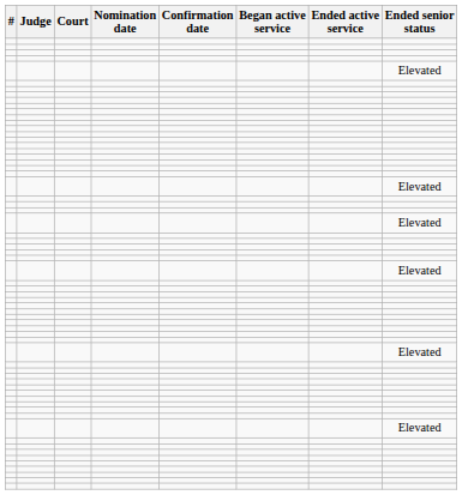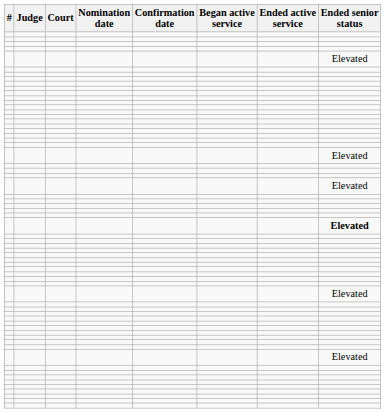 <table class="sortable wikitable">
 <tr bgcolor="#ececec">
 <th>#</th>
 <th>Judge</th>
 <th>Court<br></th>
 <th>Nomination<br>date</th>
 <th>Confirmation<br>date</th>
 <th>Began active<br>service</th>
 <th>Ended active<br>service</th>
 <th>Ended senior<br>status</th>
 </tr>
 <tr>
 <td></td>
 <td></td>
 <td></td>
 <td></td>
 <td></td>
 <td></td>
 <td></td>
 <td></td>
 </tr>
 <tr>
 <td></td>
 <td></td>
 <td></td>
 <td></td>
 <td></td>
 <td></td>
 <td></td>
 <td></td>
 </tr>
 <tr>
 <td></td>
 <td></td>
 <td></td>
 <td></td>
 <td></td>
 <td></td>
 <td></td>
 <td align="center"></td>
 </tr>
 <tr>
 <td></td>
 <td></td>
 <td></td>
 <td></td>
 <td></td>
 <td></td>
 <td></td>
 <td align="center"></td>
 </tr>
 <tr>
 <td></td>
 <td></td>
 <td></td>
 <td></td>
 <td></td>
 <td></td>
 <td></td>
 <td align="center">Elevated</td>
 </tr>
 <tr>
 <td></td>
 <td></td>
 <td></td>
 <td></td>
 <td></td>
 <td></td>
 <td></td>
 <td align="center"></td>
 </tr>
 <tr>
 <td></td>
 <td></td>
 <td></td>
 <td></td>
 <td></td>
 <td></td>
 <td></td>
 <td align="center"></td>
 </tr>
 <tr>
 <td></td>
 <td></td>
 <td></td>
 <td></td>
 <td></td>
 <td></td>
 <td></td>
 <td></td>
 </tr>
 <tr>
 <td></td>
 <td></td>
 <td></td>
 <td></td>
 <td></td>
 <td></td>
 <td></td>
 <td></td>
 </tr>
 <tr>
 <td></td>
 <td></td>
 <td></td>
 <td></td>
 <td></td>
 <td></td>
 <td></td>
 <td align="center"></td>
 </tr>
 <tr>
 <td></td>
 <td></td>
 <td></td>
 <td></td>
 <td></td>
 <td></td>
 <td></td>
 <td></td>
 </tr>
 <tr>
 <td></td>
 <td></td>
 <td></td>
 <td></td>
 <td></td>
 <td></td>
 <td></td>
 <td></td>
 </tr>
 <tr>
 <td></td>
 <td></td>
 <td></td>
 <td></td>
 <td></td>
 <td></td>
 <td></td>
 <td></td>
 </tr>
 <tr>
 <td></td>
 <td></td>
 <td></td>
 <td></td>
 <td></td>
 <td></td>
 <td></td>
 <td></td>
 </tr>
 <tr>
 <td></td>
 <td></td>
 <td></td>
 <td></td>
 <td></td>
 <td></td>
 <td></td>
 <td align="center"></td>
 </tr>
 <tr>
 <td></td>
 <td></td>
 <td></td>
 <td></td>
 <td></td>
 <td></td>
 <td></td>
 <td></td>
 </tr>
 <tr>
 <td></td>
 <td></td>
 <td></td>
 <td></td>
 <td></td>
 <td></td>
 <td></td>
 <td align="center"></td>
 </tr>
 <tr>
 <td></td>
 <td></td>
 <td></td>
 <td></td>
 <td></td>
 <td></td>
 <td></td>
 <td align="center"></td>
 </tr>
 <tr>
 <td></td>
 <td></td>
 <td></td>
 <td></td>
 <td></td>
 <td></td>
 <td></td>
 <td align="center"></td>
 </tr>
 <tr>
 <td></td>
 <td></td>
 <td></td>
 <td></td>
 <td></td>
 <td></td>
 <td></td>
 <td align="center"></td>
 </tr>
 <tr>
 <td></td>
 <td></td>
 <td></td>
 <td></td>
 <td></td>
 <td></td>
 <td></td>
 <td></td>
 </tr>
 <tr>
 <td></td>
 <td></td>
 <td></td>
 <td></td>
 <td></td>
 <td></td>
 <td></td>
 <td></td>
 </tr>
 <tr>
 <td></td>
 <td></td>
 <td></td>
 <td></td>
 <td></td>
 <td></td>
 <td></td>
 <td align="center">Elevated</td>
 </tr>
 <tr>
 <td></td>
 <td></td>
 <td></td>
 <td></td>
 <td></td>
 <td></td>
 <td></td>
 <td align="center"></td>
 </tr>
 <tr>
 <td></td>
 <td></td>
 <td></td>
 <td></td>
 <td></td>
 <td></td>
 <td></td>
 <td align="center"></td>
 </tr>
 <tr>
 <td></td>
 <td></td>
 <td></td>
 <td></td>
 <td></td>
 <td></td>
 <td></td>
 <td align="center"></td>
 </tr>
 <tr>
 <td></td>
 <td></td>
 <td></td>
 <td></td>
 <td></td>
 <td></td>
 <td></td>
 <td align="center">Elevated</td>
 </tr>
 <tr>
 <td></td>
 <td></td>
 <td></td>
 <td></td>
 <td></td>
 <td></td>
 <td></td>
 <td align="center"></td>
 </tr>
 <tr>
 <td></td>
 <td></td>
 <td></td>
 <td></td>
 <td></td>
 <td></td>
 <td></td>
 <td align="center"></td>
 </tr>
 <tr>
 <td></td>
 <td></td>
 <td></td>
 <td></td>
 <td></td>
 <td></td>
 <td></td>
 <td align="center"></td>
 </tr>
 <tr>
 <td></td>
 <td></td>
 <td></td>
 <td></td>
 <td></td>
 <td></td>
 <td></td>
 <td align="center"></td>
 </tr>
 <tr>
 <td></td>
 <td></td>
 <td></td>
 <td></td>
 <td align="center"></td>
 <td></td>
 <td></td>
 <td align="center"></td>
 </tr>
 <tr>
 <td></td>
 <td></td>
 <td></td>
 <td></td>
 <td align="center"></td>
 <td></td>
 <td></td>
-<td align="center">Elevated</td>
+<td align="center"><strong>Elevated</strong></td>
 </tr>
 <tr>
 <td></td>
 <td></td>
 <td></td>
 <td></td>
 <td></td>
 <td></td>
 <td></td>
 <td></td>
 </tr>
 <tr>
 <td></td>
 <td></td>
 <td></td>
 <td></td>
 <td></td>
 <td></td>
 <td></td>
 <td align="center"></td>
 </tr>
 <tr>
 <td></td>
 <td></td>
 <td></td>
 <td></td>
 <td></td>
 <td></td>
 <td></td>
 <td></td>
 </tr>
 <tr>
 <td></td>
 <td></td>
 <td></td>
 <td></td>
 <td></td>
 <td></td>
 <td></td>
 <td></td>
 </tr>
 <tr>
 <td></td>
 <td></td>
 <td></td>
 <td></td>
 <td></td>
 <td></td>
 <td></td>
 <td align="center"></td>
 </tr>
 <tr>
 <td></td>
 <td></td>
 <td></td>
 <td></td>
 <td></td>
 <td></td>
 <td></td>
 <td></td>
 </tr>
 <tr>
 <td></td>
 <td></td>
 <td></td>
 <td></td>
 <td></td>
 <td></td>
 <td></td>
 <td align="center"></td>
 </tr>
 <tr>
 <td></td>
 <td></td>
 <td></td>
 <td></td>
 <td></td>
 <td></td>
 <td></td>
 <td align="center"></td>
 </tr>
 <tr>
 <td></td>
 <td></td>
 <td></td>
 <td></td>
 <td></td>
 <td></td>
 <td></td>
 <td align="center"></td>
 </tr>
 <tr>
 <td></td>
 <td></td>
 <td></td>
 <td></td>
 <td></td>
 <td></td>
 <td></td>
 <td align="center"></td>
 </tr>
 <tr>
 <td></td>
 <td></td>
 <td></td>
 <td></td>
 <td></td>
 <td></td>
 <td></td>
 <td></td>
 </tr>
 <tr>
 <td></td>
 <td></td>
 <td></td>
 <td></td>
 <td></td>
 <td></td>
 <td></td>
 <td align="center">Elevated</td>
 </tr>
 <tr>
 <td></td>
 <td></td>
 <td></td>
 <td></td>
 <td></td>
 <td></td>
 <td></td>
 <td></td>
 </tr>
 <tr>
 <td></td>
 <td></td>
 <td></td>
 <td></td>
 <td></td>
 <td></td>
 <td></td>
 <td align="center"></td>
 </tr>
 <tr>
 <td></td>
 <td></td>
 <td></td>
 <td></td>
 <td></td>
 <td></td>
 <td></td>
 <td align="center"></td>
 </tr>
 <tr>
 <td></td>
 <td></td>
 <td></td>
 <td></td>
 <td></td>
 <td></td>
 <td></td>
 <td align="center"></td>
 </tr>
 <tr>
 <td></td>
 <td></td>
 <td></td>
 <td></td>
 <td></td>
 <td></td>
 <td></td>
 <td></td>
 </tr>
 <tr>
 <td></td>
 <td></td>
 <td></td>
 <td></td>
 <td></td>
 <td></td>
 <td></td>
 <td align="center"></td>
 </tr>
 <tr>
 <td></td>
 <td></td>
 <td></td>
 <td></td>
 <td></td>
 <td></td>
 <td></td>
 <td></td>
 </tr>
 <tr>
 <td></td>
 <td></td>
 <td></td>
 <td></td>
 <td></td>
 <td></td>
 <td></td>
 <td></td>
 </tr>
 <tr>
 <td></td>
 <td></td>
 <td></td>
 <td></td>
 <td></td>
 <td></td>
 <td></td>
 <td></td>
 </tr>
 <tr>
 <td></td>
 <td></td>
 <td></td>
 <td></td>
 <td></td>
 <td></td>
 <td></td>
 <td></td>
 </tr>
 <tr>
 <td></td>
 <td></td>
 <td></td>
 <td></td>
 <td></td>
 <td></td>
 <td></td>
 <td align="center">Elevated</td>
 </tr>
 <tr>
 <td></td>
 <td></td>
 <td></td>
 <td></td>
 <td></td>
 <td></td>
 <td></td>
 <td align="center"></td>
 </tr>
 <tr>
 <td></td>
 <td></td>
 <td></td>
 <td></td>
 <td></td>
 <td></td>
 <td></td>
 <td align="center"></td>
 </tr>
 <tr>
 <td></td>
 <td></td>
 <td></td>
 <td></td>
 <td></td>
 <td></td>
 <td></td>
 <td align="center"></td>
 </tr>
 <tr>
 <td></td>
 <td></td>
 <td></td>
 <td></td>
 <td></td>
 <td></td>
 <td></td>
 <td align="center"></td>
 </tr>
 <tr>
 <td></td>
 <td></td>
 <td></td>
 <td></td>
 <td></td>
 <td></td>
 <td></td>
 <td></td>
 </tr>
 <tr>
 <td></td>
 <td></td>
 <td></td>
 <td></td>
 <td></td>
 <td></td>
 <td></td>
 <td></td>
 </tr>
 <tr>
 <td></td>
 <td></td>
 <td></td>
 <td></td>
 <td></td>
 <td></td>
 <td></td>
 <td align="center"></td>
 </tr>
 <tr>
 <td></td>
 <td></td>
 <td></td>
 <td></td>
 <td></td>
 <td></td>
 <td></td>
 <td></td>
 </tr>
 <tr>
 <td></td>
 <td></td>
 <td></td>
 <td></td>
 <td></td>
 <td></td>
 <td></td>
 <td align="center"></td>
 </tr>
 </table>
